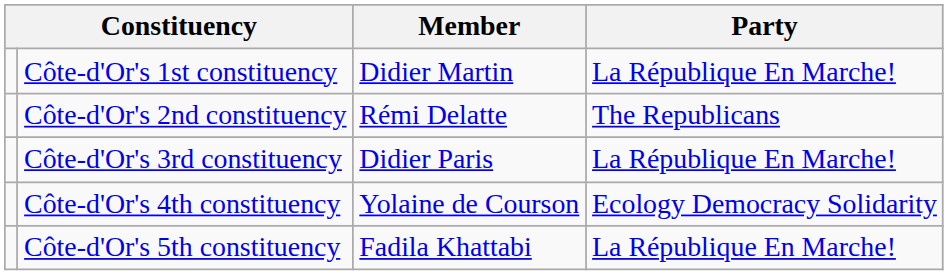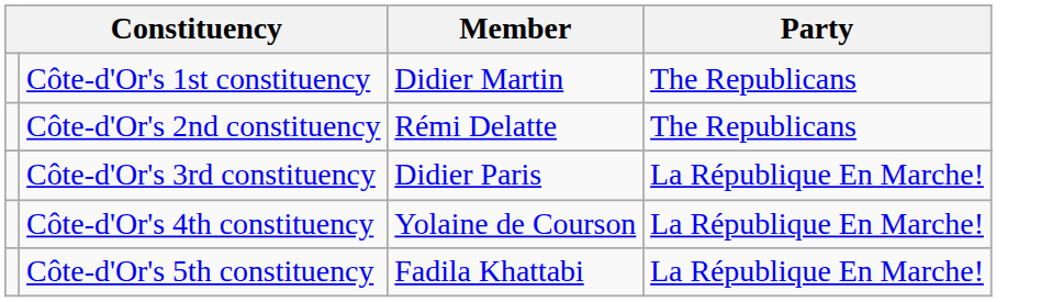 <table class="wikitable">
 <tr>
 <th colspan="2">Constituency</th>
 <th>Member</th>
 <th>Party</th>
 </tr>
 <tr>
 <td style="background-color: "></td>
 <td><a href='#'>Côte-d'Or's 1st constituency</a></td>
 <td><a href='#'>Didier Martin</a></td>
-<td><a href='#'>La République En Marche!</a></td>
+<td><a href='#'>The Republicans</a></td>
 </tr>
 <tr>
 <td style="background-color: "></td>
 <td><a href='#'>Côte-d'Or's 2nd constituency</a></td>
 <td><a href='#'>Rémi Delatte</a></td>
 <td><a href='#'>The Republicans</a></td>
 </tr>
 <tr>
 <td style="background-color: "></td>
 <td><a href='#'>Côte-d'Or's 3rd constituency</a></td>
 <td><a href='#'>Didier Paris</a></td>
 <td><a href='#'>La République En Marche!</a></td>
 </tr>
 <tr>
 <td style="background-color: "></td>
 <td><a href='#'>Côte-d'Or's 4th constituency</a></td>
 <td><a href='#'>Yolaine de Courson</a></td>
-<td><a href='#'>Ecology Democracy Solidarity</a></td>
+<td><a href='#'>La République En Marche!</a></td>
 </tr>
 <tr>
 <td style="background-color: "></td>
 <td><a href='#'>Côte-d'Or's 5th constituency</a></td>
 <td><a href='#'>Fadila Khattabi</a></td>
 <td><a href='#'>La République En Marche!</a></td>
 </tr>
 </table>
